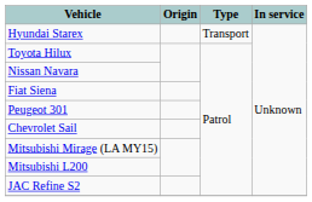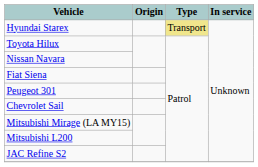 <table class="wikitable">
 <tr>
 <th style="text-align:center; background:#acc;">Vehicle</th>
 <th style="text-align: center; background:#acc;">Origin</th>
 <th style="text-align:l center; background:#acc;">Type</th>
 <th style="text-align:center; background:#acc;">In service</th>
 </tr>
 <tr>
 <td><a href='#'>Hyundai Starex</a></td>
 <td></td>
-<td>Transport</td>
+<td style="background: khaki;">Transport</td>
 <td rowspan="9">Unknown</td>
 </tr>
 <tr>
 <td><a href='#'>Toyota Hilux</a></td>
 <td rowspan="2"></td>
 <td rowspan="8">Patrol</td>
 </tr>
 <tr>
 <td><a href='#'>Nissan Navara</a></td>
 </tr>
 <tr>
 <td><a href='#'>Fiat Siena</a></td>
 <td></td>
 </tr>
 <tr>
 <td><a href='#'>Peugeot 301</a></td>
 <td></td>
 </tr>
 <tr>
 <td><a href='#'>Chevrolet Sail</a></td>
 <td></td>
 </tr>
 <tr>
 <td><a href='#'>Mitsubishi Mirage</a> (LA MY15)</td>
 <td rowspan="2"></td>
 </tr>
 <tr>
 <td><a href='#'>Mitsubishi L200</a></td>
 </tr>
 <tr>
 <td><a href='#'>JAC Refine S2</a></td>
 <td></td>
 </tr>
 <tr>
 </tr>
 </table>
